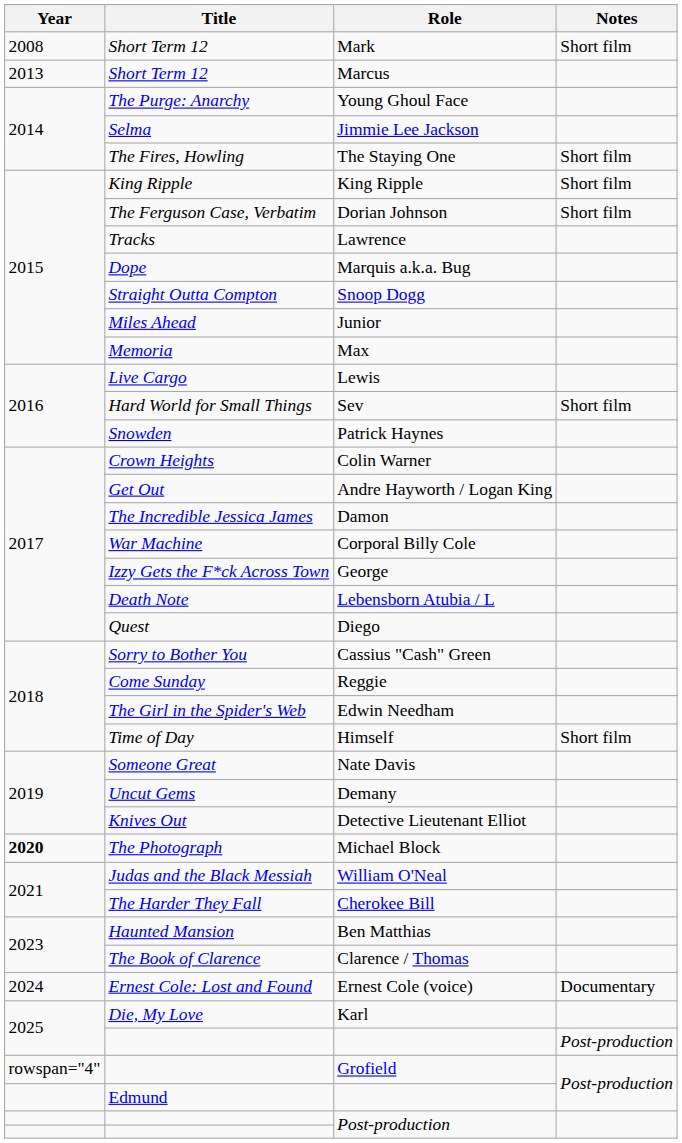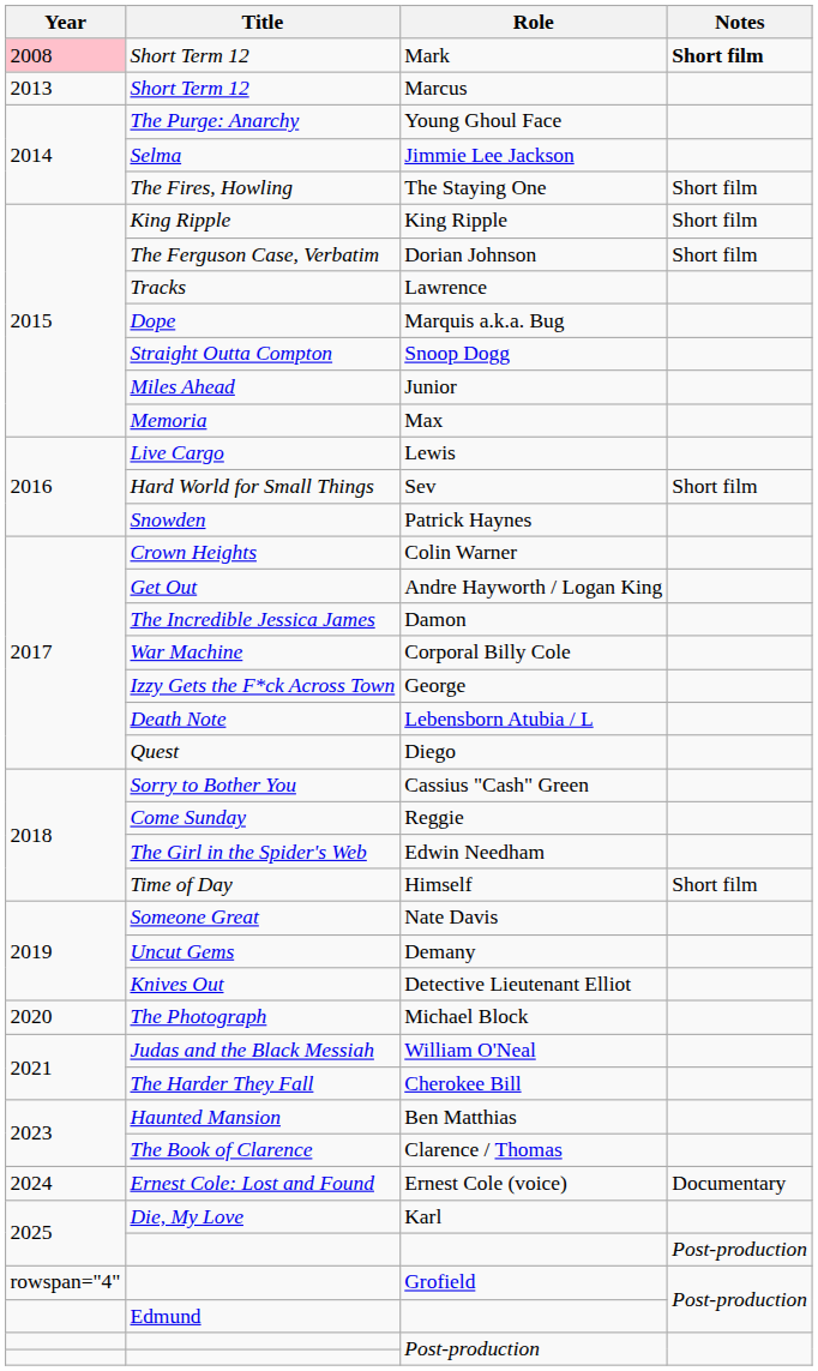 <table class="wikitable sortable plainrowheaders">
 <tr>
 <th>Year</th>
 <th>Title</th>
 <th>Role</th>
 <th class="unsortable">Notes</th>
 </tr>
 <tr>
-<td>2008</td>
+<td style="background: pink;">2008</td>
 <td><em>Short Term 12</em></td>
 <td>Mark</td>
-<td>Short film</td>
+<td><strong>Short film</strong></td>
 </tr>
 <tr>
 <td>2013</td>
 <td><em><a href='#'>Short Term 12</a></em></td>
 <td>Marcus</td>
 <td></td>
 </tr>
 <tr>
 <td rowspan=3>2014</td>
 <td><em><a href='#'>The Purge: Anarchy</a></em></td>
 <td>Young Ghoul Face</td>
 <td></td>
 </tr>
 <tr>
 <td><em><a href='#'>Selma</a></em></td>
 <td><a href='#'>Jimmie Lee Jackson</a></td>
 <td></td>
 </tr>
 <tr>
 <td><em>The Fires, Howling</em></td>
 <td>The Staying One</td>
 <td>Short film</td>
 </tr>
 <tr>
 <td rowspan=7>2015</td>
 <td><em>King Ripple</em></td>
 <td>King Ripple</td>
 <td>Short film</td>
 </tr>
 <tr>
 <td><em>The Ferguson Case, Verbatim</em></td>
 <td>Dorian Johnson</td>
 <td>Short film</td>
 </tr>
 <tr>
 <td><em>Tracks</em></td>
 <td>Lawrence</td>
 <td></td>
 </tr>
 <tr>
 <td><em><a href='#'>Dope</a></em></td>
 <td>Marquis a.k.a. Bug</td>
 <td></td>
 </tr>
 <tr>
 <td><em><a href='#'>Straight Outta Compton</a></em></td>
 <td><a href='#'>Snoop Dogg</a></td>
 <td></td>
 </tr>
 <tr>
 <td><em><a href='#'>Miles Ahead</a></em></td>
 <td>Junior</td>
 <td></td>
 </tr>
 <tr>
 <td><em><a href='#'>Memoria</a></em></td>
 <td>Max</td>
 <td></td>
 </tr>
 <tr>
 <td rowspan=3>2016</td>
 <td><em><a href='#'>Live Cargo</a></em></td>
 <td>Lewis</td>
 <td></td>
 </tr>
 <tr>
 <td><em>Hard World for Small Things</em></td>
 <td>Sev</td>
 <td>Short film</td>
 </tr>
 <tr>
 <td><em><a href='#'>Snowden</a></em></td>
 <td>Patrick Haynes</td>
 <td></td>
 </tr>
 <tr>
 <td rowspan=7>2017</td>
 <td><em><a href='#'>Crown Heights</a></em></td>
 <td>Colin Warner</td>
 <td></td>
 </tr>
 <tr>
 <td><em><a href='#'>Get Out</a></em></td>
 <td>Andre Hayworth / Logan King</td>
 <td></td>
 </tr>
 <tr>
 <td><em><a href='#'>The Incredible Jessica James</a></em></td>
 <td>Damon</td>
 <td></td>
 </tr>
 <tr>
 <td><em><a href='#'>War Machine</a></em></td>
 <td>Corporal Billy Cole</td>
 <td></td>
 </tr>
 <tr>
 <td><em><a href='#'>Izzy Gets the F*ck Across Town</a></em></td>
 <td>George</td>
 <td></td>
 </tr>
 <tr>
 <td><em><a href='#'>Death Note</a></em></td>
 <td><a href='#'>Lebensborn Atubia / L</a></td>
 <td></td>
 </tr>
 <tr>
 <td><em>Quest</em></td>
 <td>Diego</td>
 <td></td>
 </tr>
 <tr>
 <td rowspan=4>2018</td>
 <td><em><a href='#'>Sorry to Bother You</a></em></td>
 <td>Cassius "Cash" Green</td>
 <td></td>
 </tr>
 <tr>
 <td><em><a href='#'>Come Sunday</a></em></td>
 <td>Reggie</td>
 <td></td>
 </tr>
 <tr>
 <td><em><a href='#'>The Girl in the Spider's Web</a></em></td>
 <td>Edwin Needham</td>
 <td></td>
 </tr>
 <tr>
 <td><em>Time of Day</em></td>
 <td>Himself</td>
 <td>Short film</td>
 </tr>
 <tr>
 <td rowspan=3>2019</td>
 <td><em><a href='#'>Someone Great</a></em></td>
 <td>Nate Davis</td>
 <td></td>
 </tr>
 <tr>
 <td><em><a href='#'>Uncut Gems</a></em></td>
 <td>Demany</td>
 <td></td>
 </tr>
 <tr>
 <td><em><a href='#'>Knives Out</a></em></td>
 <td>Detective Lieutenant Elliot</td>
 <td></td>
 </tr>
 <tr>
-<td><strong>2020</strong></td>
+<td>2020</td>
 <td><em><a href='#'>The Photograph</a></em></td>
 <td>Michael Block</td>
 <td></td>
 </tr>
 <tr>
 <td rowspan=2>2021</td>
 <td><em><a href='#'>Judas and the Black Messiah</a></em></td>
 <td><a href='#'>William O'Neal</a></td>
 <td></td>
 </tr>
 <tr>
 <td><em><a href='#'>The Harder They Fall</a></em></td>
 <td><a href='#'>Cherokee Bill</a></td>
 <td></td>
 </tr>
 <tr>
 <td rowspan="2">2023</td>
 <td><em><a href='#'>Haunted Mansion</a></em></td>
 <td>Ben Matthias</td>
 <td></td>
 </tr>
 <tr>
 <td><em><a href='#'>The Book of Clarence</a></em></td>
 <td>Clarence / <a href='#'>Thomas</a></td>
 <td></td>
 </tr>
 <tr>
 <td>2024</td>
 <td><em><a href='#'>Ernest Cole: Lost and Found</a></em></td>
 <td>Ernest Cole (voice)</td>
 <td>Documentary</td>
 </tr>
 <tr>
 <td rowspan="2">2025</td>
 <td><em><a href='#'>Die, My Love</a></em></td>
 <td>Karl</td>
 <td></td>
 </tr>
 <tr>
 <td></td>
 <td></td>
 <td><em>Post-production</em></td>
 </tr>
 <tr>
 <td>rowspan="4" </td>
 <td></td>
 <td><a href='#'>Grofield</a></td>
 <td rowspan="2"><em>Post-production</em></td>
 </tr>
 <tr>
 <td></td>
 <td><a href='#'>Edmund</a></td>
 </tr>
 <tr>
 <td></td>
 <td></td>
 <td rowspan="2"><em>Post-production</em></td>
 </tr>
 <tr>
 <td></td>
 <td></td>
 </tr>
 </table>
